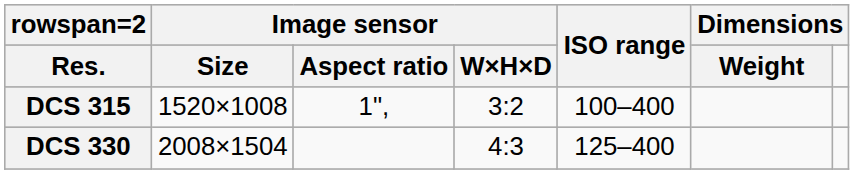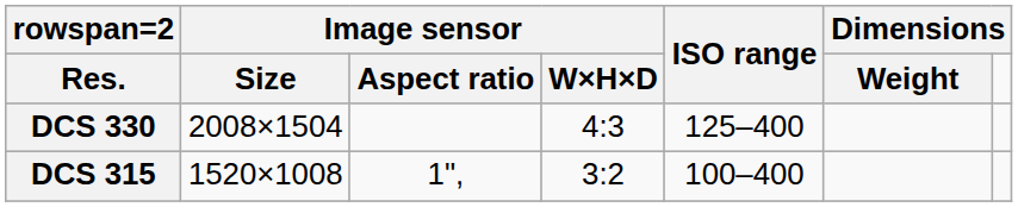 <table class="wikitable" style="font-size:100%;text-align:center;">
 <tr>
 <th>rowspan=2 </th>
 <th colspan=3>Image sensor</th>
 <th rowspan=2>ISO range</th>
 <th colspan=2>Dimensions</th>
 </tr>
 <tr>
 <th>Res.</th>
 <th>Size</th>
 <th>Aspect ratio</th>
 <th>W×H×D</th>
 <th>Weight</th>
 </tr>
 <tr>
+<th>DCS 330</th>
+<td>2008×1504</td>
+<td></td>
+<td>4:3</td>
+<td>125–400</td>
+<td></td>
+<td></td>
+</tr>
+<tr>
 <th>DCS 315</th>
 <td>1520×1008</td>
 <td>1", </td>
 <td>3:2</td>
 <td>100–400</td>
 <td></td>
 <td></td>
 </tr>
-<tr>
-<th>DCS 330</th>
-<td>2008×1504</td>
-<td></td>
-<td>4:3</td>
-<td>125–400</td>
-<td></td>
-<td></td>
-</tr>
 </table>
